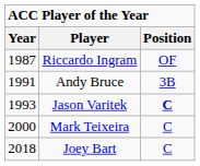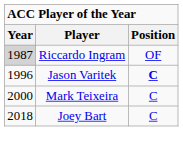 <table class="wikitable">
 <tr>
 <td colspan="3"><strong>ACC Player of the Year</strong></td>
 </tr>
 <tr>
 <th>Year</th>
 <th>Player</th>
 <th>Position</th>
 </tr>
 <tr style="text-align:center;">
-<td>1987</td>
+<td style="background: lightgrey;">1987</td>
 <td><a href='#'>Riccardo Ingram</a></td>
 <td><a href='#'>OF</a></td>
 </tr>
 <tr style="text-align:center;">
-<td>1991</td>
-<td>Andy Bruce</td>
-<td><a href='#'>3B</a></td>
-</tr>
-<tr style="text-align:center;">
-<td>1993</td>
+<td>1996</td>
 <td><a href='#'>Jason Varitek</a></td>
 <td><strong><a href='#'>C</a></strong></td>
 </tr>
 <tr style="text-align:center;">
 <td>2000</td>
 <td><a href='#'>Mark Teixeira</a></td>
 <td><a href='#'>C</a></td>
 </tr>
 <tr style="text-align:center;">
 <td>2018</td>
 <td><a href='#'>Joey Bart</a></td>
 <td><a href='#'>C</a></td>
 </tr>
 </table>
